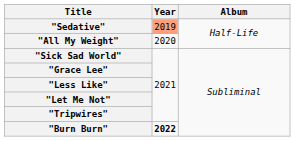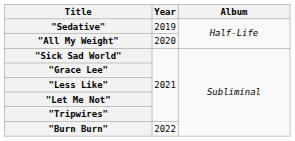 <table class="wikitable plainrowheaders" style="text-align:center">
 <tr>
 <th scope="col" style="width:16em;">Title</th>
 <th scope="col" style="width:1em;">Year</th>
 <th scope="col" style="width:12em;">Album</th>
 </tr>
 <tr>
 <th scope="row">"Sedative"</th>
-<td style="background: lightsalmon;">2019</td>
+<td>2019</td>
 <td rowspan="2"><em>Half-Life</em></td>
 </tr>
 <tr>
 <th scope="row">"All My Weight"</th>
 <td>2020</td>
 </tr>
 <tr>
 <th scope="row">"Sick Sad World"</th>
 <td rowspan="5">2021</td>
 <td rowspan="6"><em>Subliminal</em></td>
 </tr>
 <tr>
 <th scope="row">"Grace Lee"</th>
 </tr>
 <tr>
 <th scope="row">"Less Like"</th>
 </tr>
 <tr>
 <th scope="row">"Let Me Not"</th>
 </tr>
 <tr>
 <th scope="row">"Tripwires"</th>
 </tr>
 <tr>
 <th scope="row">"Burn Burn"</th>
-<td><strong>2022</strong></td>
+<td>2022</td>
 </tr>
 </table>
